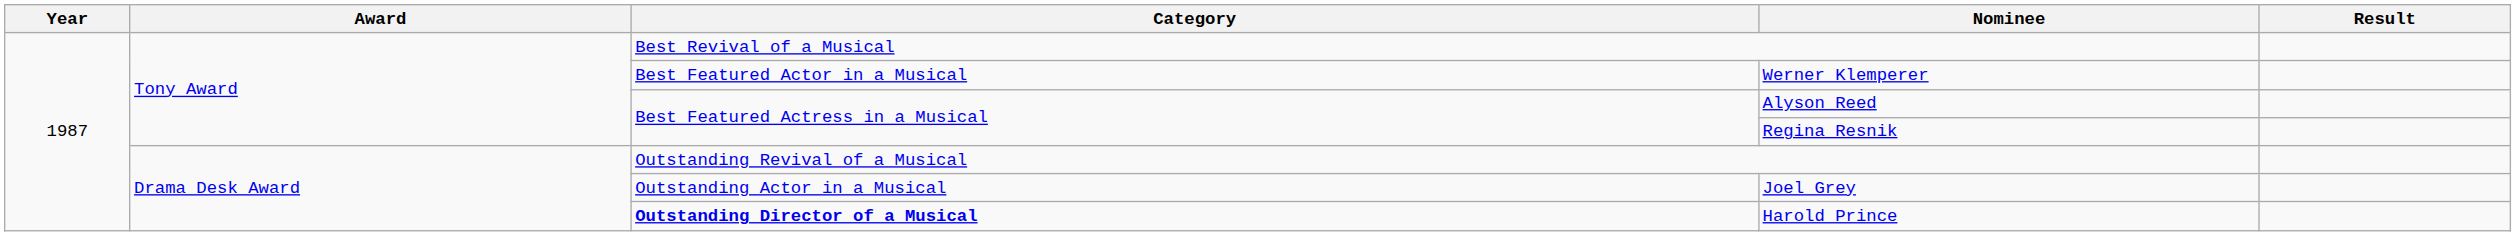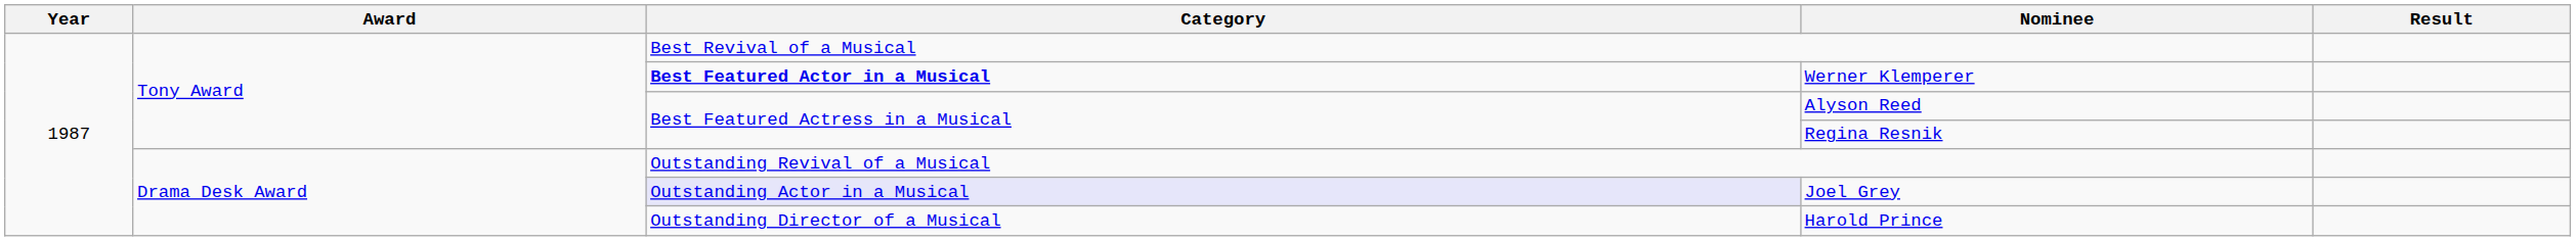 <table class="wikitable" style="width:95%;">
 <tr>
 <th style="width:5%;">Year</th>
 <th style="width:20%;">Award</th>
 <th style="width:45%;">Category</th>
 <th style="width:20%;">Nominee</th>
 <th style="width:10%;">Result</th>
 </tr>
 <tr>
 <td rowspan="7" style="text-align:center;">1987</td>
 <td rowspan="4"><a href='#'>Tony Award</a></td>
 <td colspan="2"><a href='#'>Best Revival of a Musical</a></td>
 <td></td>
 </tr>
 <tr>
-<td><a href='#'>Best Featured Actor in a Musical</a></td>
+<td><strong><a href='#'>Best Featured Actor in a Musical</a></strong></td>
 <td><a href='#'>Werner Klemperer</a></td>
 <td></td>
 </tr>
 <tr>
 <td rowspan="2"><a href='#'>Best Featured Actress in a Musical</a></td>
 <td><a href='#'>Alyson Reed</a></td>
 <td></td>
 </tr>
 <tr>
 <td><a href='#'>Regina Resnik</a></td>
 <td></td>
 </tr>
 <tr>
 <td rowspan="3"><a href='#'>Drama Desk Award</a></td>
 <td colspan="2"><a href='#'>Outstanding Revival of a Musical</a></td>
 <td></td>
 </tr>
 <tr>
-<td><a href='#'>Outstanding Actor in a Musical</a></td>
+<td style="background: lavender;"><a href='#'>Outstanding Actor in a Musical</a></td>
 <td><a href='#'>Joel Grey</a></td>
 <td></td>
 </tr>
 <tr>
-<td><strong><a href='#'>Outstanding Director of a Musical</a></strong></td>
+<td><a href='#'>Outstanding Director of a Musical</a></td>
 <td><a href='#'>Harold Prince</a></td>
 <td></td>
 </tr>
 </table>
